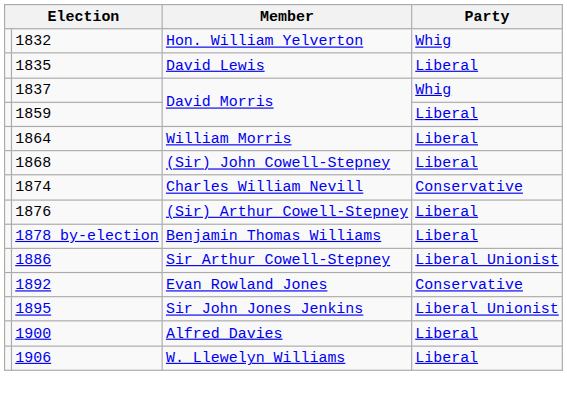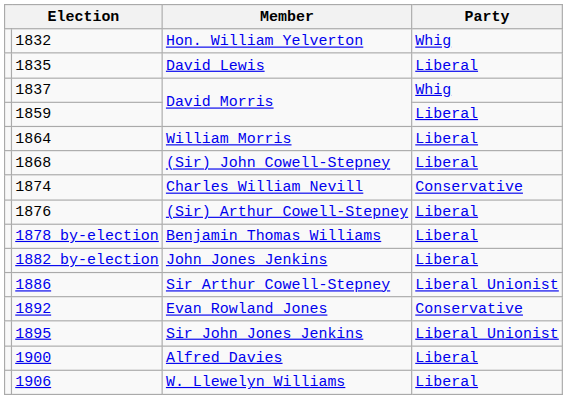 <table class="wikitable">
 <tr>
 <th colspan="2">Election</th>
 <th>Member</th>
 <th>Party</th>
 </tr>
 <tr>
 <td style="color:inherit;background-color: "></td>
 <td>1832</td>
 <td><a href='#'>Hon. William Yelverton</a></td>
 <td><a href='#'>Whig</a></td>
 </tr>
 <tr>
 <td style="color:inherit;background-color: "></td>
 <td>1835</td>
 <td><a href='#'>David Lewis</a></td>
 <td><a href='#'>Liberal</a></td>
 </tr>
 <tr>
 <td style="color:inherit;background-color: "></td>
 <td>1837</td>
 <td rowspan="2"><a href='#'>David Morris</a></td>
 <td><a href='#'>Whig</a></td>
 </tr>
 <tr>
 <td style="color:inherit;background-color: "></td>
 <td>1859</td>
 <td><a href='#'>Liberal</a></td>
 </tr>
 <tr>
 <td style="color:inherit;background-color: "></td>
 <td>1864</td>
 <td><a href='#'>William Morris</a></td>
 <td><a href='#'>Liberal</a></td>
 </tr>
 <tr>
 <td style="color:inherit;background-color: "></td>
 <td>1868</td>
 <td><a href='#'>(Sir) John Cowell-Stepney</a></td>
 <td><a href='#'>Liberal</a></td>
 </tr>
 <tr>
 <td style="color:inherit;background-color: "></td>
 <td>1874</td>
 <td><a href='#'>Charles William Nevill</a></td>
 <td><a href='#'>Conservative</a></td>
 </tr>
 <tr>
 <td style="color:inherit;background-color: "></td>
 <td>1876</td>
 <td><a href='#'>(Sir) Arthur Cowell-Stepney</a></td>
 <td><a href='#'>Liberal</a></td>
 </tr>
 <tr>
 <td style="color:inherit;background-color: "></td>
 <td><a href='#'>1878 by-election</a></td>
 <td><a href='#'>Benjamin Thomas Williams</a></td>
 <td><a href='#'>Liberal</a></td>
 </tr>
 <tr>
 <td style="color:inherit;background-color: "></td>
+<td><a href='#'>1882 by-election</a></td>
+<td><a href='#'>John Jones Jenkins</a></td>
+<td><a href='#'>Liberal</a></td>
+</tr>
+<tr>
+<td style="color:inherit;background-color: "></td>
 <td><a href='#'>1886</a></td>
 <td><a href='#'>Sir Arthur Cowell-Stepney</a></td>
 <td><a href='#'>Liberal Unionist</a></td>
 </tr>
 <tr>
 <td style="color:inherit;background-color: "></td>
 <td><a href='#'>1892</a></td>
 <td><a href='#'>Evan Rowland Jones</a></td>
 <td><a href='#'>Conservative</a></td>
 </tr>
 <tr>
 <td style="color:inherit;background-color: "></td>
 <td><a href='#'>1895</a></td>
 <td><a href='#'>Sir John Jones Jenkins</a></td>
 <td><a href='#'>Liberal Unionist</a></td>
 </tr>
 <tr>
 <td style="color:inherit;background-color: "></td>
 <td><a href='#'>1900</a></td>
 <td><a href='#'>Alfred Davies</a></td>
 <td><a href='#'>Liberal</a></td>
 </tr>
 <tr>
 <td style="color:inherit;background-color: "></td>
 <td><a href='#'>1906</a></td>
 <td><a href='#'>W. Llewelyn Williams</a></td>
 <td><a href='#'>Liberal</a></td>
 </tr>
 </table>
